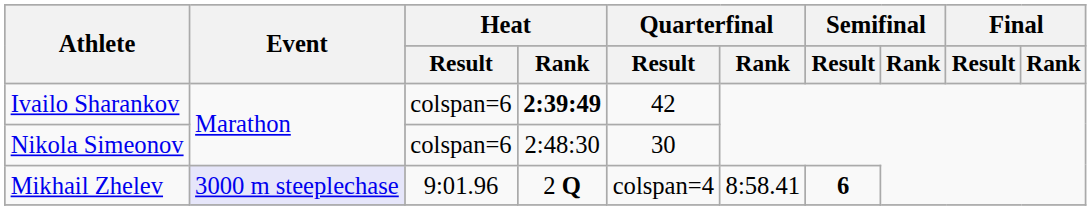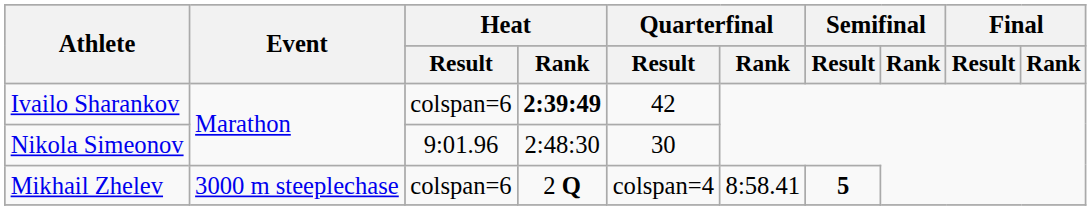 <table class="wikitable" style="font-size:90%">
 <tr>
 <th rowspan="2">Athlete</th>
 <th rowspan="2">Event</th>
 <th colspan="2">Heat</th>
 <th colspan="2">Quarterfinal</th>
 <th colspan="2">Semifinal</th>
 <th colspan="2">Final</th>
 </tr>
 <tr style="font-size:95%">
 <th>Result</th>
 <th>Rank</th>
 <th>Result</th>
 <th>Rank</th>
 <th>Result</th>
 <th>Rank</th>
 <th>Result</th>
 <th>Rank</th>
 </tr>
 <tr align=center>
 <td align=left><a href='#'>Ivailo Sharankov</a></td>
 <td align=left rowspan=2><a href='#'>Marathon</a></td>
 <td>colspan=6 </td>
 <td><strong>2:39:49</strong></td>
 <td>42</td>
 </tr>
 <tr align=center>
 <td align=left><a href='#'>Nikola Simeonov</a></td>
-<td>colspan=6 </td>
+<td>9:01.96</td>
 <td>2:48:30</td>
 <td>30</td>
 </tr>
 <tr align=center>
 <td align=left><a href='#'>Mikhail Zhelev</a></td>
-<td align=left style="background: lavender;"><a href='#'>3000 m steeplechase</a></td>
-<td>9:01.96</td>
+<td align=left><a href='#'>3000 m steeplechase</a></td>
+<td>colspan=6 </td>
 <td>2 <strong>Q</strong></td>
 <td>colspan=4 </td>
 <td>8:58.41</td>
-<td><strong>6</strong></td>
+<td><strong>5</strong></td>
 </tr>
 </table>
